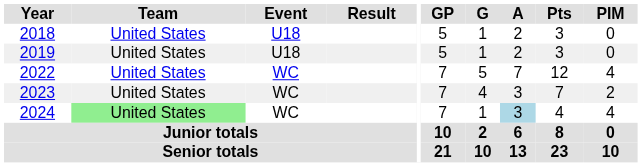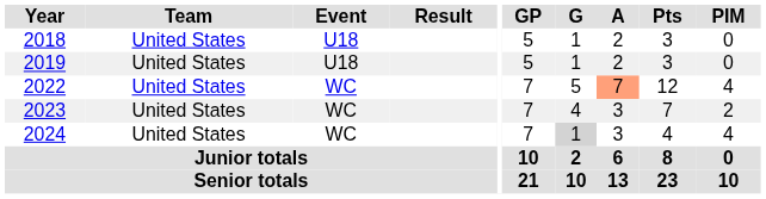 <table border="0" cellpadding="1" cellspacing="0" ID="Table3" style="text-align:center; width:40em">
 <tr ALIGN="center" bgcolor="#e0e0e0">
 <th>Year</th>
 <th>Team</th>
 <th>Event</th>
 <th>Result</th>
 <th rowspan="99" bgcolor="#ffffff"></th>
 <th>GP</th>
 <th>G</th>
 <th>A</th>
 <th>Pts</th>
 <th>PIM</th>
 </tr>
 <tr>
 <td><a href='#'>2018</a></td>
 <td><a href='#'>United States</a></td>
 <td><a href='#'>U18</a></td>
 <td></td>
 <td>5</td>
 <td>1</td>
 <td>2</td>
 <td>3</td>
 <td>0</td>
 </tr>
 <tr bgcolor="#f0f0f0">
 <td><a href='#'>2019</a></td>
 <td>United States</td>
 <td>U18</td>
 <td></td>
 <td>5</td>
 <td>1</td>
 <td>2</td>
 <td>3</td>
 <td>0</td>
 </tr>
 <tr>
 <td><a href='#'>2022</a></td>
 <td><a href='#'>United States</a></td>
 <td><a href='#'>WC</a></td>
 <td></td>
 <td>7</td>
 <td>5</td>
-<td>7</td>
+<td style="background: lightsalmon;">7</td>
 <td>12</td>
 <td>4</td>
 </tr>
 <tr bgcolor="#f0f0f0">
 <td><a href='#'>2023</a></td>
 <td>United States</td>
 <td>WC</td>
 <td></td>
 <td>7</td>
 <td>4</td>
 <td>3</td>
 <td>7</td>
 <td>2</td>
 </tr>
 <tr>
 <td><a href='#'>2024</a></td>
-<td style="background: lightgreen;">United States</td>
+<td>United States</td>
 <td>WC</td>
 <td></td>
 <td>7</td>
-<td>1</td>
-<td style="background: lightblue;">3</td>
+<td style="background: lightgrey;">1</td>
+<td>3</td>
 <td>4</td>
 <td>4</td>
 </tr>
 <tr bgcolor="#e0e0e0">
 <th colspan="4">Junior totals</th>
 <th>10</th>
 <th>2</th>
 <th>6</th>
 <th>8</th>
 <th>0</th>
 </tr>
 <tr bgcolor="#e0e0e0">
 <th colspan="4">Senior totals</th>
 <th>21</th>
 <th>10</th>
 <th>13</th>
 <th>23</th>
 <th>10</th>
 </tr>
 </table>
